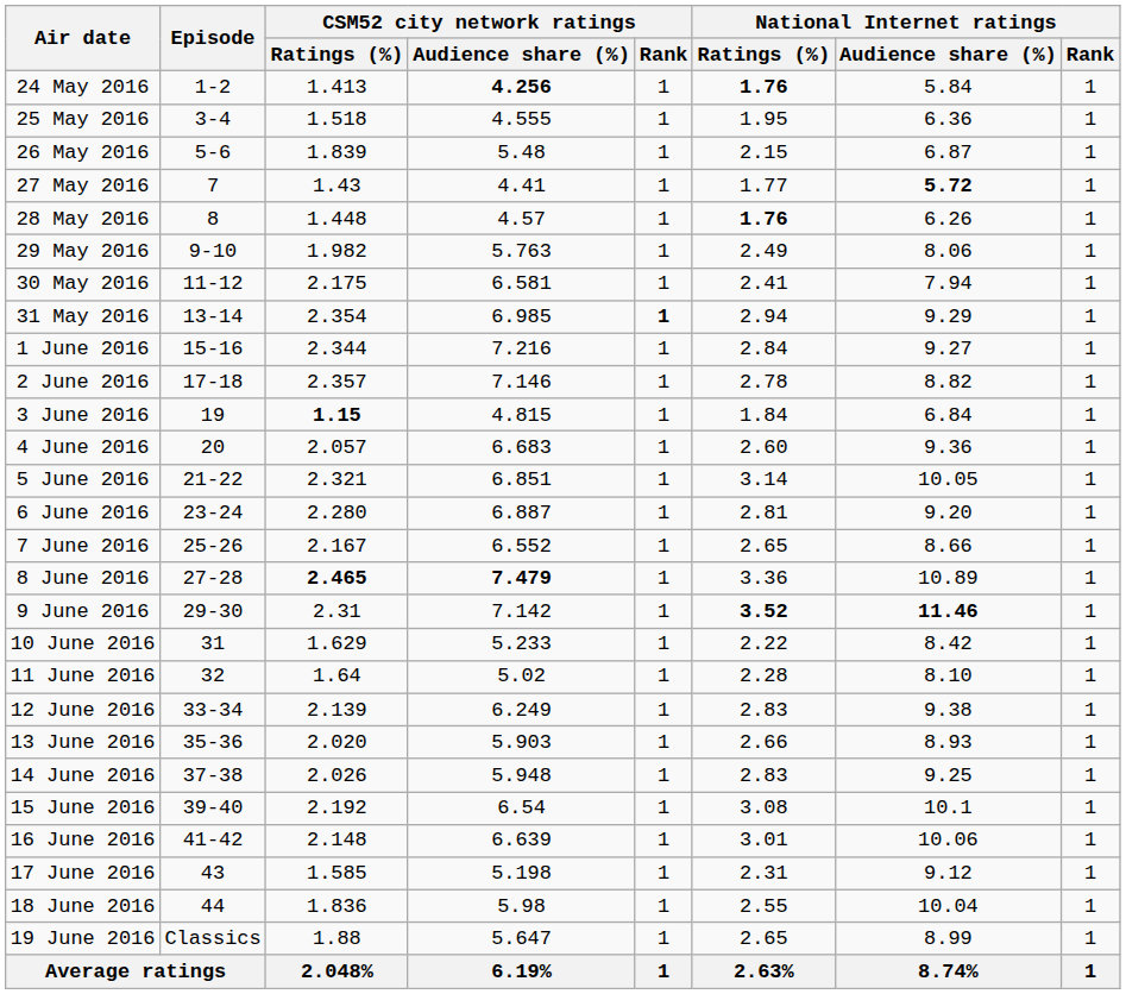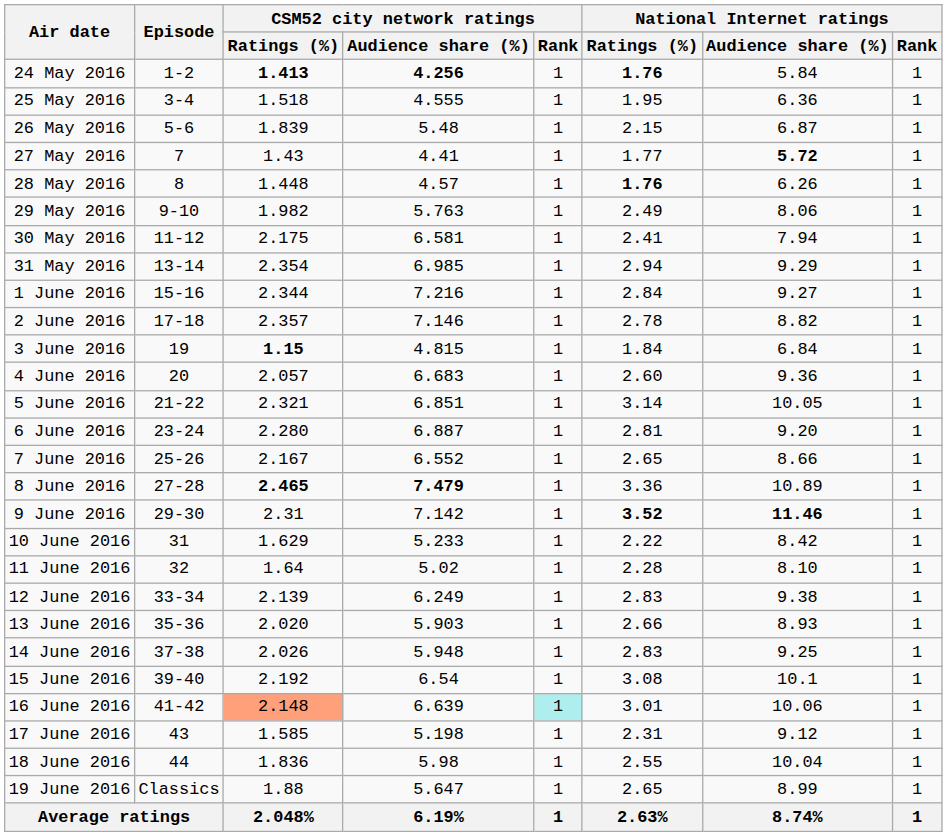 <table class="wikitable sortable mw-collapsible jquery-tablesorter" style="text-align:center">
 <tr>
 <th rowspan="2">Air date</th>
 <th rowspan="2">Episode</th>
 <th colspan="3">CSM52 city network ratings</th>
 <th colspan="3">National Internet ratings</th>
 </tr>
 <tr>
 <th>Ratings (%)</th>
 <th>Audience share (%)</th>
 <th>Rank</th>
 <th>Ratings (%)</th>
 <th>Audience share (%)</th>
 <th>Rank</th>
 </tr>
 <tr>
 <td>24 May 2016</td>
 <td>1-2</td>
-<td>1.413</td>
+<td><strong>1.413</strong></td>
 <td><strong><span>4.256</span></strong></td>
 <td>1</td>
 <td><strong><span>1.76</span></strong></td>
 <td>5.84</td>
 <td>1</td>
 </tr>
 <tr>
 <td>25 May 2016</td>
 <td>3-4</td>
 <td>1.518</td>
 <td>4.555</td>
 <td>1</td>
 <td>1.95</td>
 <td>6.36</td>
 <td>1</td>
 </tr>
 <tr>
 <td>26 May 2016</td>
 <td>5-6</td>
 <td>1.839</td>
 <td>5.48</td>
 <td>1</td>
 <td>2.15</td>
 <td>6.87</td>
 <td>1</td>
 </tr>
 <tr>
 <td>27 May 2016</td>
 <td>7</td>
 <td>1.43</td>
 <td>4.41</td>
 <td>1</td>
 <td>1.77</td>
 <td><strong><span>5.72</span></strong></td>
 <td>1</td>
 </tr>
 <tr>
 <td>28 May 2016</td>
 <td>8</td>
 <td>1.448</td>
 <td>4.57</td>
 <td>1</td>
 <td><strong><span>1.76</span></strong></td>
 <td>6.26</td>
 <td>1</td>
 </tr>
 <tr>
 <td>29 May 2016</td>
 <td>9-10</td>
 <td>1.982</td>
 <td>5.763</td>
 <td>1</td>
 <td>2.49</td>
 <td>8.06</td>
 <td>1</td>
 </tr>
 <tr>
 <td>30 May 2016</td>
 <td>11-12</td>
 <td>2.175</td>
 <td>6.581</td>
 <td>1</td>
 <td>2.41</td>
 <td>7.94</td>
 <td>1</td>
 </tr>
 <tr>
 <td>31 May 2016</td>
 <td>13-14</td>
 <td>2.354</td>
 <td>6.985</td>
-<td><strong>1</strong></td>
+<td>1</td>
 <td>2.94</td>
 <td>9.29</td>
 <td>1</td>
 </tr>
 <tr>
 <td>1 June 2016</td>
 <td>15-16</td>
 <td>2.344</td>
 <td>7.216</td>
 <td>1</td>
 <td>2.84</td>
 <td>9.27</td>
 <td>1</td>
 </tr>
 <tr>
 <td>2 June 2016</td>
 <td>17-18</td>
 <td>2.357</td>
 <td>7.146</td>
 <td>1</td>
 <td>2.78</td>
 <td>8.82</td>
 <td>1</td>
 </tr>
 <tr>
 <td>3 June 2016</td>
 <td>19</td>
 <td><strong><span>1.15</span></strong></td>
 <td>4.815</td>
 <td>1</td>
 <td>1.84</td>
 <td>6.84</td>
 <td>1</td>
 </tr>
 <tr>
 <td>4 June 2016</td>
 <td>20</td>
 <td>2.057</td>
 <td>6.683</td>
 <td>1</td>
 <td>2.60</td>
 <td>9.36</td>
 <td>1</td>
 </tr>
 <tr>
 <td>5 June 2016</td>
 <td>21-22</td>
 <td>2.321</td>
 <td>6.851</td>
 <td>1</td>
 <td>3.14</td>
 <td>10.05</td>
 <td>1</td>
 </tr>
 <tr>
 <td>6 June 2016</td>
 <td>23-24</td>
 <td>2.280</td>
 <td>6.887</td>
 <td>1</td>
 <td>2.81</td>
 <td>9.20</td>
 <td>1</td>
 </tr>
 <tr>
 <td>7 June 2016</td>
 <td>25-26</td>
 <td>2.167</td>
 <td>6.552</td>
 <td>1</td>
 <td>2.65</td>
 <td>8.66</td>
 <td>1</td>
 </tr>
 <tr>
 <td>8 June 2016</td>
 <td>27-28</td>
 <td><strong><span>2.465</span></strong></td>
 <td><strong><span>7.479</span></strong></td>
 <td>1</td>
 <td>3.36</td>
 <td>10.89</td>
 <td>1</td>
 </tr>
 <tr>
 <td>9 June 2016</td>
 <td>29-30</td>
 <td>2.31</td>
 <td>7.142</td>
 <td>1</td>
 <td><strong><span>3.52</span></strong></td>
 <td><strong><span>11.46</span></strong></td>
 <td>1</td>
 </tr>
 <tr>
 <td>10 June 2016</td>
 <td>31</td>
 <td>1.629</td>
 <td>5.233</td>
 <td>1</td>
 <td>2.22</td>
 <td>8.42</td>
 <td>1</td>
 </tr>
 <tr>
 <td>11 June 2016</td>
 <td>32</td>
 <td>1.64</td>
 <td>5.02</td>
 <td>1</td>
 <td>2.28</td>
 <td>8.10</td>
 <td>1</td>
 </tr>
 <tr>
 <td>12 June 2016</td>
 <td>33-34</td>
 <td>2.139</td>
 <td>6.249</td>
 <td>1</td>
 <td>2.83</td>
 <td>9.38</td>
 <td>1</td>
 </tr>
 <tr>
 <td>13 June 2016</td>
 <td>35-36</td>
 <td>2.020</td>
 <td>5.903</td>
 <td>1</td>
 <td>2.66</td>
 <td>8.93</td>
 <td>1</td>
 </tr>
 <tr>
 <td>14 June 2016</td>
 <td>37-38</td>
 <td>2.026</td>
 <td>5.948</td>
 <td>1</td>
 <td>2.83</td>
 <td>9.25</td>
 <td>1</td>
 </tr>
 <tr>
 <td>15 June 2016</td>
 <td>39-40</td>
 <td>2.192</td>
 <td>6.54</td>
 <td>1</td>
 <td>3.08</td>
 <td>10.1</td>
 <td>1</td>
 </tr>
 <tr>
 <td>16 June 2016</td>
 <td>41-42</td>
-<td>2.148</td>
+<td style="background: lightsalmon;">2.148</td>
 <td>6.639</td>
-<td>1</td>
+<td style="background: paleturquoise;">1</td>
 <td>3.01</td>
 <td>10.06</td>
 <td>1</td>
 </tr>
 <tr>
 <td>17 June 2016</td>
 <td>43</td>
 <td>1.585</td>
 <td>5.198</td>
 <td>1</td>
 <td>2.31</td>
 <td>9.12</td>
 <td>1</td>
 </tr>
 <tr>
 <td>18 June 2016</td>
 <td>44</td>
 <td>1.836</td>
 <td>5.98</td>
 <td>1</td>
 <td>2.55</td>
 <td>10.04</td>
 <td>1</td>
 </tr>
 <tr>
 <td>19 June 2016</td>
 <td>Classics</td>
 <td>1.88</td>
 <td>5.647</td>
 <td>1</td>
 <td>2.65</td>
 <td>8.99</td>
 <td>1</td>
 </tr>
 <tr>
 <th colspan="2">Average ratings</th>
 <th>2.048%</th>
 <th>6.19%</th>
 <th>1</th>
 <th>2.63%</th>
 <th>8.74%</th>
 <th>1</th>
 </tr>
 </table>
